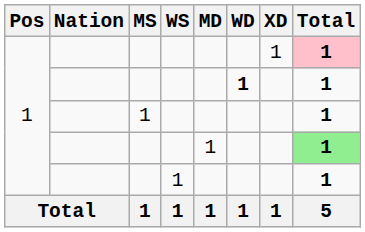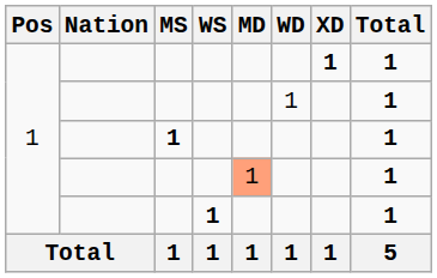 <table class="wikitable" style="text-align:center">
 <tr>
 <th>Pos</th>
 <th>Nation</th>
 <th>MS</th>
 <th>WS</th>
 <th>MD</th>
 <th>WD</th>
 <th>XD</th>
 <th>Total</th>
 </tr>
 <tr>
 <td rowspan=5>1</td>
 <td align=left></td>
 <td></td>
 <td></td>
 <td></td>
 <td></td>
-<td>1</td>
-<td style="background: pink;"><strong>1</strong></td>
+<td><strong>1</strong></td>
+<td><strong>1</strong></td>
 </tr>
 <tr>
 <td align=left></td>
 <td></td>
 <td></td>
 <td></td>
-<td><strong>1</strong></td>
+<td>1</td>
 <td></td>
 <td><strong>1</strong></td>
 </tr>
 <tr>
 <td align=left></td>
-<td>1</td>
+<td><strong>1</strong></td>
 <td></td>
 <td></td>
 <td></td>
 <td></td>
 <td><strong>1</strong></td>
 </tr>
 <tr>
 <td align=left></td>
 <td></td>
 <td></td>
-<td>1</td>
+<td style="background: lightsalmon;">1</td>
 <td></td>
 <td></td>
-<td style="background: lightgreen;"><strong>1</strong></td>
+<td><strong>1</strong></td>
 </tr>
 <tr>
 <td align=left></td>
 <td></td>
-<td>1</td>
+<td><strong>1</strong></td>
 <td></td>
 <td></td>
 <td></td>
 <td><strong>1</strong></td>
 </tr>
 <tr>
 <th colspan="2">Total</th>
 <th>1</th>
 <th>1</th>
 <th>1</th>
 <th>1</th>
 <th>1</th>
 <th>5</th>
 </tr>
 </table>
